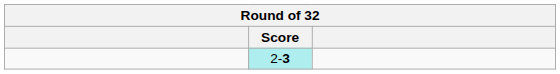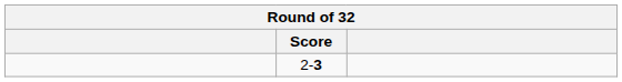 <table class="wikitable" style="text-align: center; font-size:90% ">
 <tr>
 <th colspan=3>Round of 32</th>
 </tr>
 <tr>
 <th align="right" width="250"></th>
 <th width="60">Score</th>
 <th align="left" width="250"></th>
 </tr>
 <tr>
 <td align=left></td>
-<td align=center style="background: paleturquoise;">2-<strong>3</strong></td>
+<td align=center>2-<strong>3</strong></td>
 <td align=left><strong></strong></td>
 </tr>
 </table>
